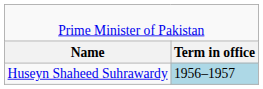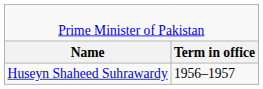 <table class="wikitable">
 <tr>
 <td style="text-align: center; background:#white;" colspan="4"> <br> <a href='#'>Prime Minister of Pakistan</a></td>
 </tr>
 <tr>
 <th>Name</th>
 <th>Term in office</th>
 </tr>
 <tr>
 <td><a href='#'>Huseyn Shaheed Suhrawardy</a></td>
-<td style="background: lightblue;">1956–1957</td>
+<td>1956–1957</td>
 </tr>
 </table>
